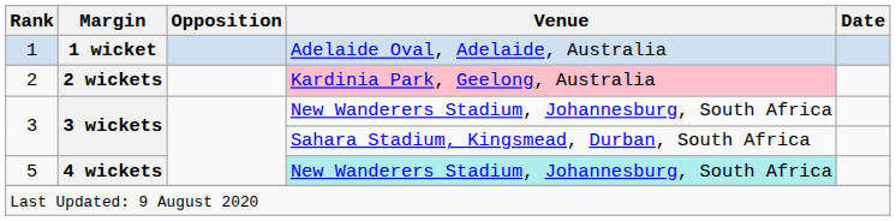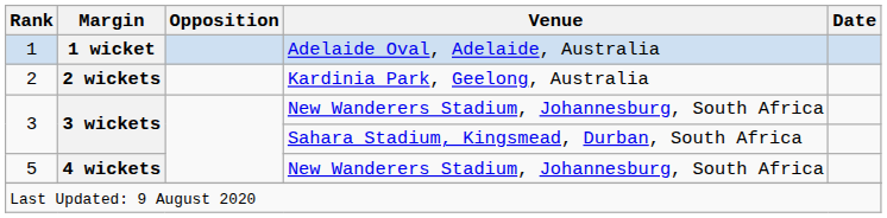 <table class="wikitable plainrowheaders sortable">
 <tr>
 <th scope=col>Rank</th>
 <th scope=col>Margin</th>
 <th scope=col>Opposition</th>
 <th scope=col>Venue</th>
 <th scope=col>Date</th>
 </tr>
 <tr bgcolor=#cee0f2>
 <td align=center>1</td>
 <th scope=row style=text-align:center>1 wicket</th>
 <td></td>
 <td><a href='#'>Adelaide Oval</a>, <a href='#'>Adelaide</a>, Australia</td>
 <td></td>
 </tr>
 <tr>
 <td align=center>2</td>
 <th scope=row style=text-align:center>2 wickets</th>
 <td></td>
-<td style="background: pink;"><a href='#'>Kardinia Park</a>, <a href='#'>Geelong</a>, Australia</td>
+<td><a href='#'>Kardinia Park</a>, <a href='#'>Geelong</a>, Australia</td>
 <td></td>
 </tr>
 <tr>
 <td align=center rowspan=2>3</td>
 <th scope=row style=text-align:center rowspan=2>3 wickets</th>
 <td rowspan=3></td>
 <td><a href='#'>New Wanderers Stadium</a>, <a href='#'>Johannesburg</a>, South Africa</td>
 <td></td>
 </tr>
 <tr>
 <td><a href='#'>Sahara Stadium, Kingsmead</a>, <a href='#'>Durban</a>, South Africa</td>
 <td></td>
 </tr>
 <tr>
 <td align=center>5</td>
 <th scope=row style=text-align:center>4 wickets</th>
-<td style="background: paleturquoise;"><a href='#'>New Wanderers Stadium</a>, <a href='#'>Johannesburg</a>, South Africa</td>
+<td><a href='#'>New Wanderers Stadium</a>, <a href='#'>Johannesburg</a>, South Africa</td>
 <td></td>
 </tr>
 <tr>
 </tr>
 <tr class=sortbottom>
 <td colspan=5><small>Last Updated: 9 August 2020</small></td>
 </tr>
 </table>
